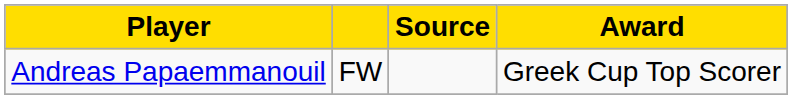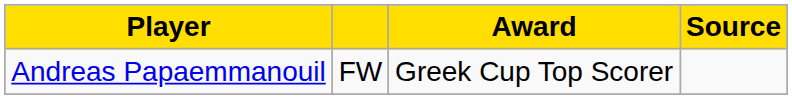 <table class="wikitable">
 <tr>
 <th style="background:#FFDE00">Player</th>
 <th style="background:#FFDE00"></th>
+<th style="background:#FFDE00">Award</th>
 <th style="background:#FFDE00">Source</th>
-<th style="background:#FFDE00">Award</th>
 </tr>
 <tr>
 <td> <a href='#'>Andreas Papaemmanouil</a></td>
 <td align="center">FW</td>
+<td align="center">Greek Cup Top Scorer</td>
 <td align="center"></td>
-<td align="center">Greek Cup Top Scorer</td>
 </tr>
 </table>
